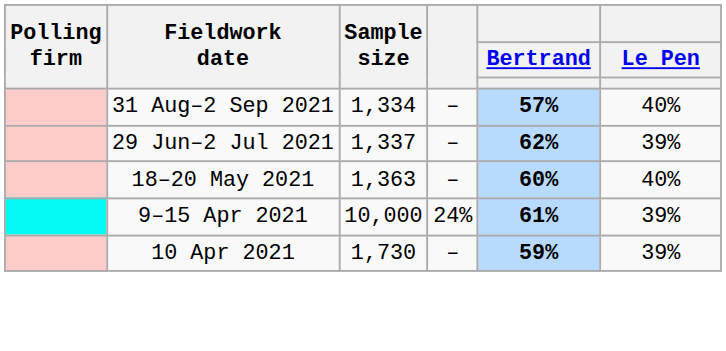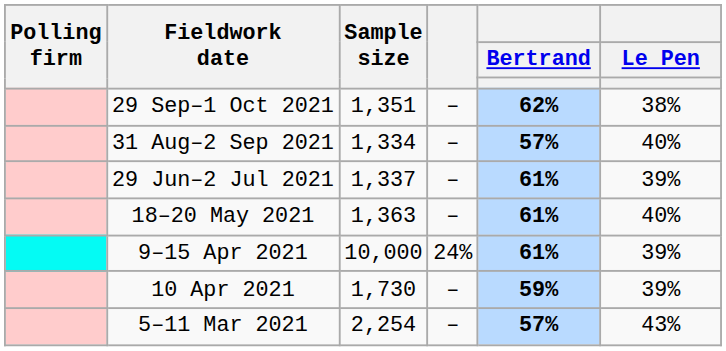 <table class="wikitable mw-collapsible mw-collapsed" style="text-align:center;font-size:90%;line-height:14px;">
 <tr>
 <th rowspan="3">Polling<br>firm</th>
 <th rowspan="3">Fieldwork<br>date</th>
 <th rowspan="3">Sample<br>size</th>
 <th rowspan="3"></th>
 <th></th>
 <th><br></th>
 </tr>
 <tr>
 <th class="unsortable" style="width:60px;"><a href='#'>Bertrand</a><br></th>
 <th class="unsortable" style="width:60px;"><a href='#'>Le Pen</a><br></th>
 </tr>
 <tr>
 <th style="background:"></th>
 <th style="background:"></th>
 </tr>
 <tr>
 <td style="background:#FFCCCC"></td>
+<td>29 Sep–1 Oct 2021</td>
+<td>1,351</td>
+<td>–</td>
+<td style="background:#B9DAFF;"><strong>62%</strong></td>
+<td>38%</td>
+</tr>
+<tr>
+<td style="background:#FFCCCC"></td>
 <td>31 Aug–2 Sep 2021</td>
 <td>1,334</td>
 <td>–</td>
 <td style="background:#B9DAFF;"><strong>57%</strong></td>
 <td>40%</td>
 </tr>
 <tr>
 <td style="background:#FFCCCC"></td>
 <td>29 Jun–2 Jul 2021</td>
 <td>1,337</td>
 <td>–</td>
-<td style="background:#B9DAFF;"><strong>62%</strong></td>
+<td style="background:#B9DAFF;"><strong>61%</strong></td>
 <td>39%</td>
 </tr>
 <tr>
 <td style="background:#FFCCCC"></td>
 <td>18–20 May 2021</td>
 <td>1,363</td>
 <td>–</td>
-<td style="background:#B9DAFF;"><strong>60%</strong></td>
+<td style="background:#B9DAFF;"><strong>61%</strong></td>
 <td>40%</td>
 </tr>
 <tr>
 <td style="background:#04FBF4;"></td>
 <td>9–15 Apr 2021</td>
 <td>10,000</td>
 <td>24%</td>
 <td style="background:#B9DAFF;"><strong>61%</strong></td>
 <td>39%</td>
 </tr>
 <tr>
 <td style="background:#FFCCCC"></td>
 <td>10 Apr 2021</td>
 <td>1,730</td>
 <td>–</td>
 <td style="background:#B9DAFF;"><strong>59%</strong></td>
 <td>39%</td>
 </tr>
+<tr>
+<td style="background:#FFCCCC"></td>
+<td>5–11 Mar 2021</td>
+<td>2,254</td>
+<td>–</td>
+<td style="background:#B9DAFF;"><strong>57%</strong></td>
+<td>43%</td>
+</tr>
 </table>
